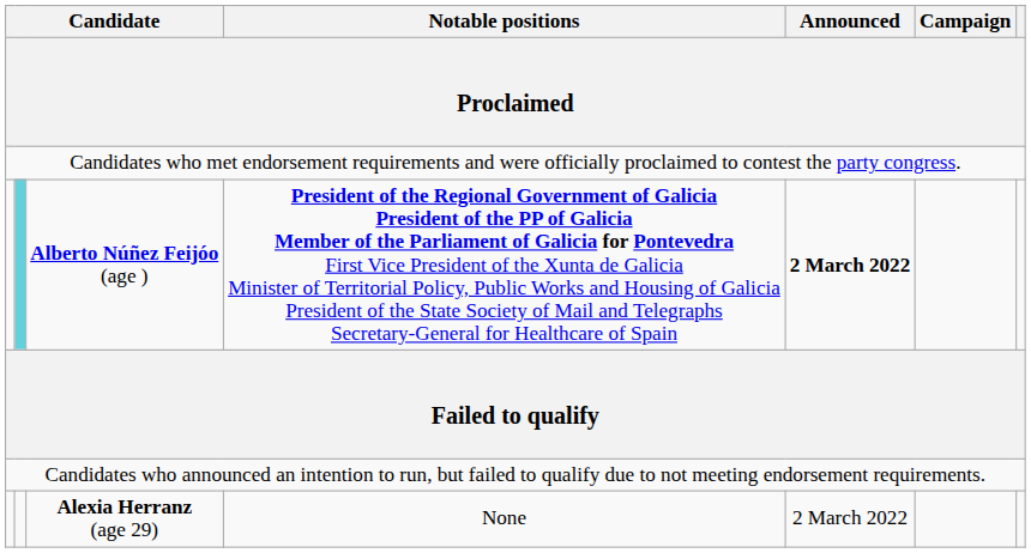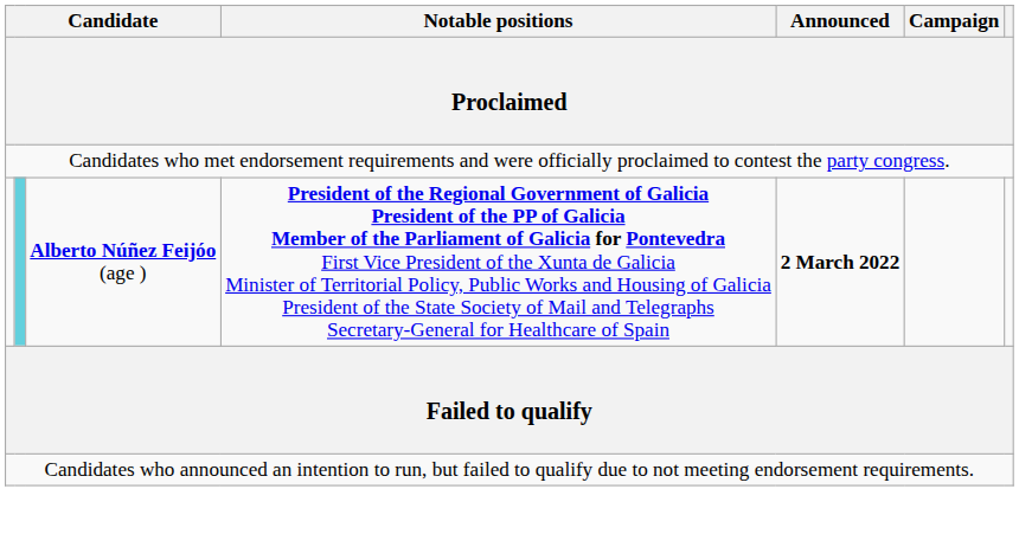 <table class="wikitable" style="text-align:center;">
 <tr>
 <th colspan="3">Candidate</th>
 <th>Notable positions</th>
 <th>Announced</th>
 <th>Campaign</th>
 <th></th>
 </tr>
 <tr>
 <th colspan="7"><br><h3>Proclaimed</h3></th>
 </tr>
 <tr>
 <td colspan="7">Candidates who met endorsement requirements and were officially proclaimed to contest the <a href='#'>party congress</a>.</td>
 </tr>
 <tr>
 <td></td>
 <td width="1px" style="color:inherit;background:#62D0DD;"></td>
 <td><strong><a href='#'>Alberto Núñez Feijóo</a></strong><br>(age )</td>
 <td><strong><a href='#'>President of the Regional Government of Galicia</a> <br><a href='#'>President of the PP of Galicia</a> <br><a href='#'>Member of the Parliament of Galicia</a> for <a href='#'>Pontevedra</a> </strong><br><a href='#'>First Vice President of the Xunta de Galicia</a> <br><a href='#'>Minister of Territorial Policy, Public Works and Housing of Galicia</a> <br><a href='#'>President of the State Society of Mail and Telegraphs</a> <br><a href='#'>Secretary-General for Healthcare of Spain</a> </td>
 <td><strong>2 March 2022</strong></td>
 <td></td>
 <td><br><br></td>
 </tr>
 <tr>
 <th colspan="7"><br><h3>Failed to qualify</h3></th>
 </tr>
 <tr>
 <td colspan="7">Candidates who announced an intention to run, but failed to qualify due to not meeting endorsement requirements.</td>
 </tr>
-<tr>
-<td></td>
-<td style="color:inherit;background:"></td>
-<td><strong>Alexia Herranz</strong><br>(age 29)</td>
-<td>None</td>
-<td>2 March 2022</td>
-<td></td>
-<td><br><br></td>
-</tr>
 </table>
